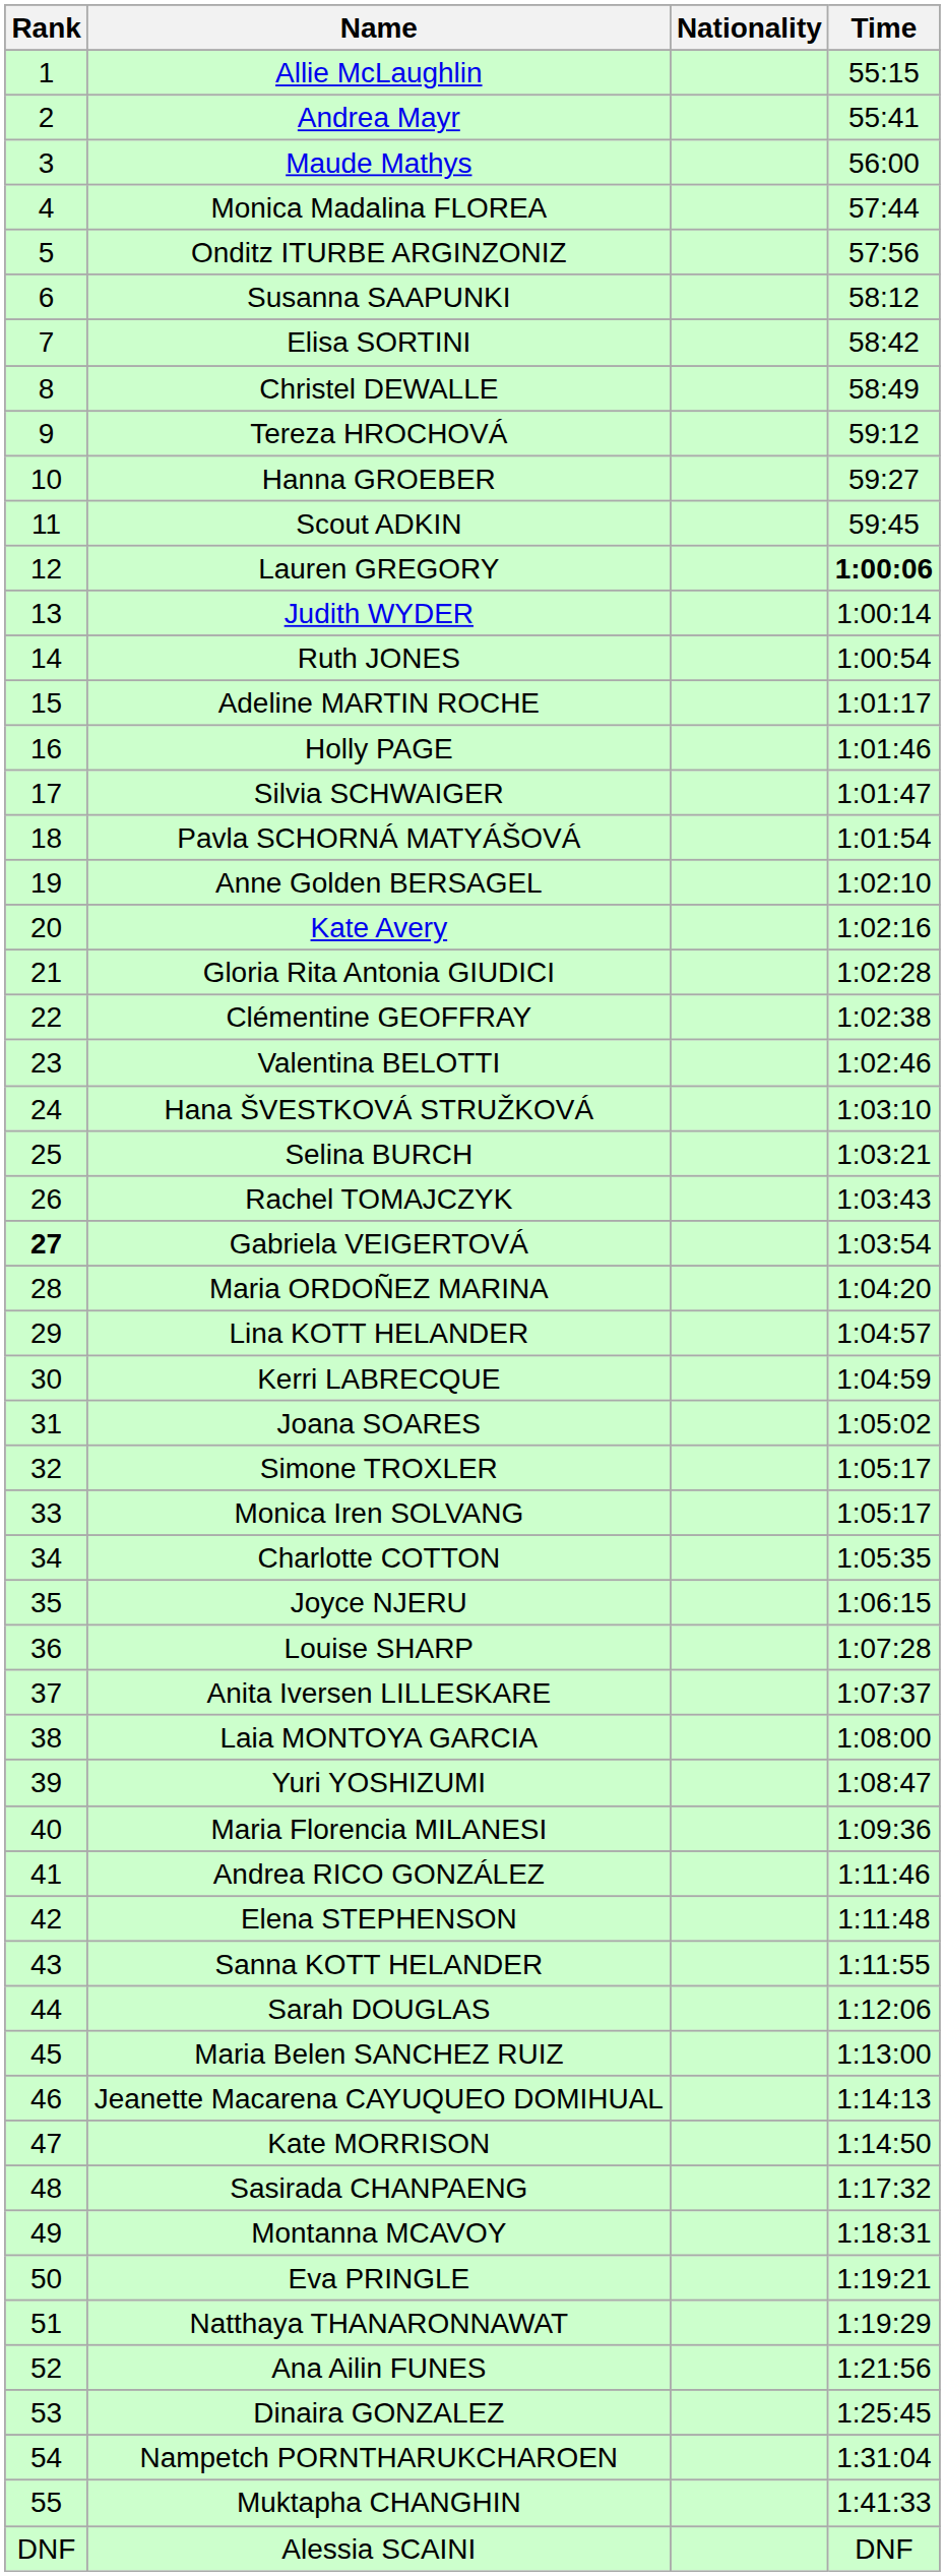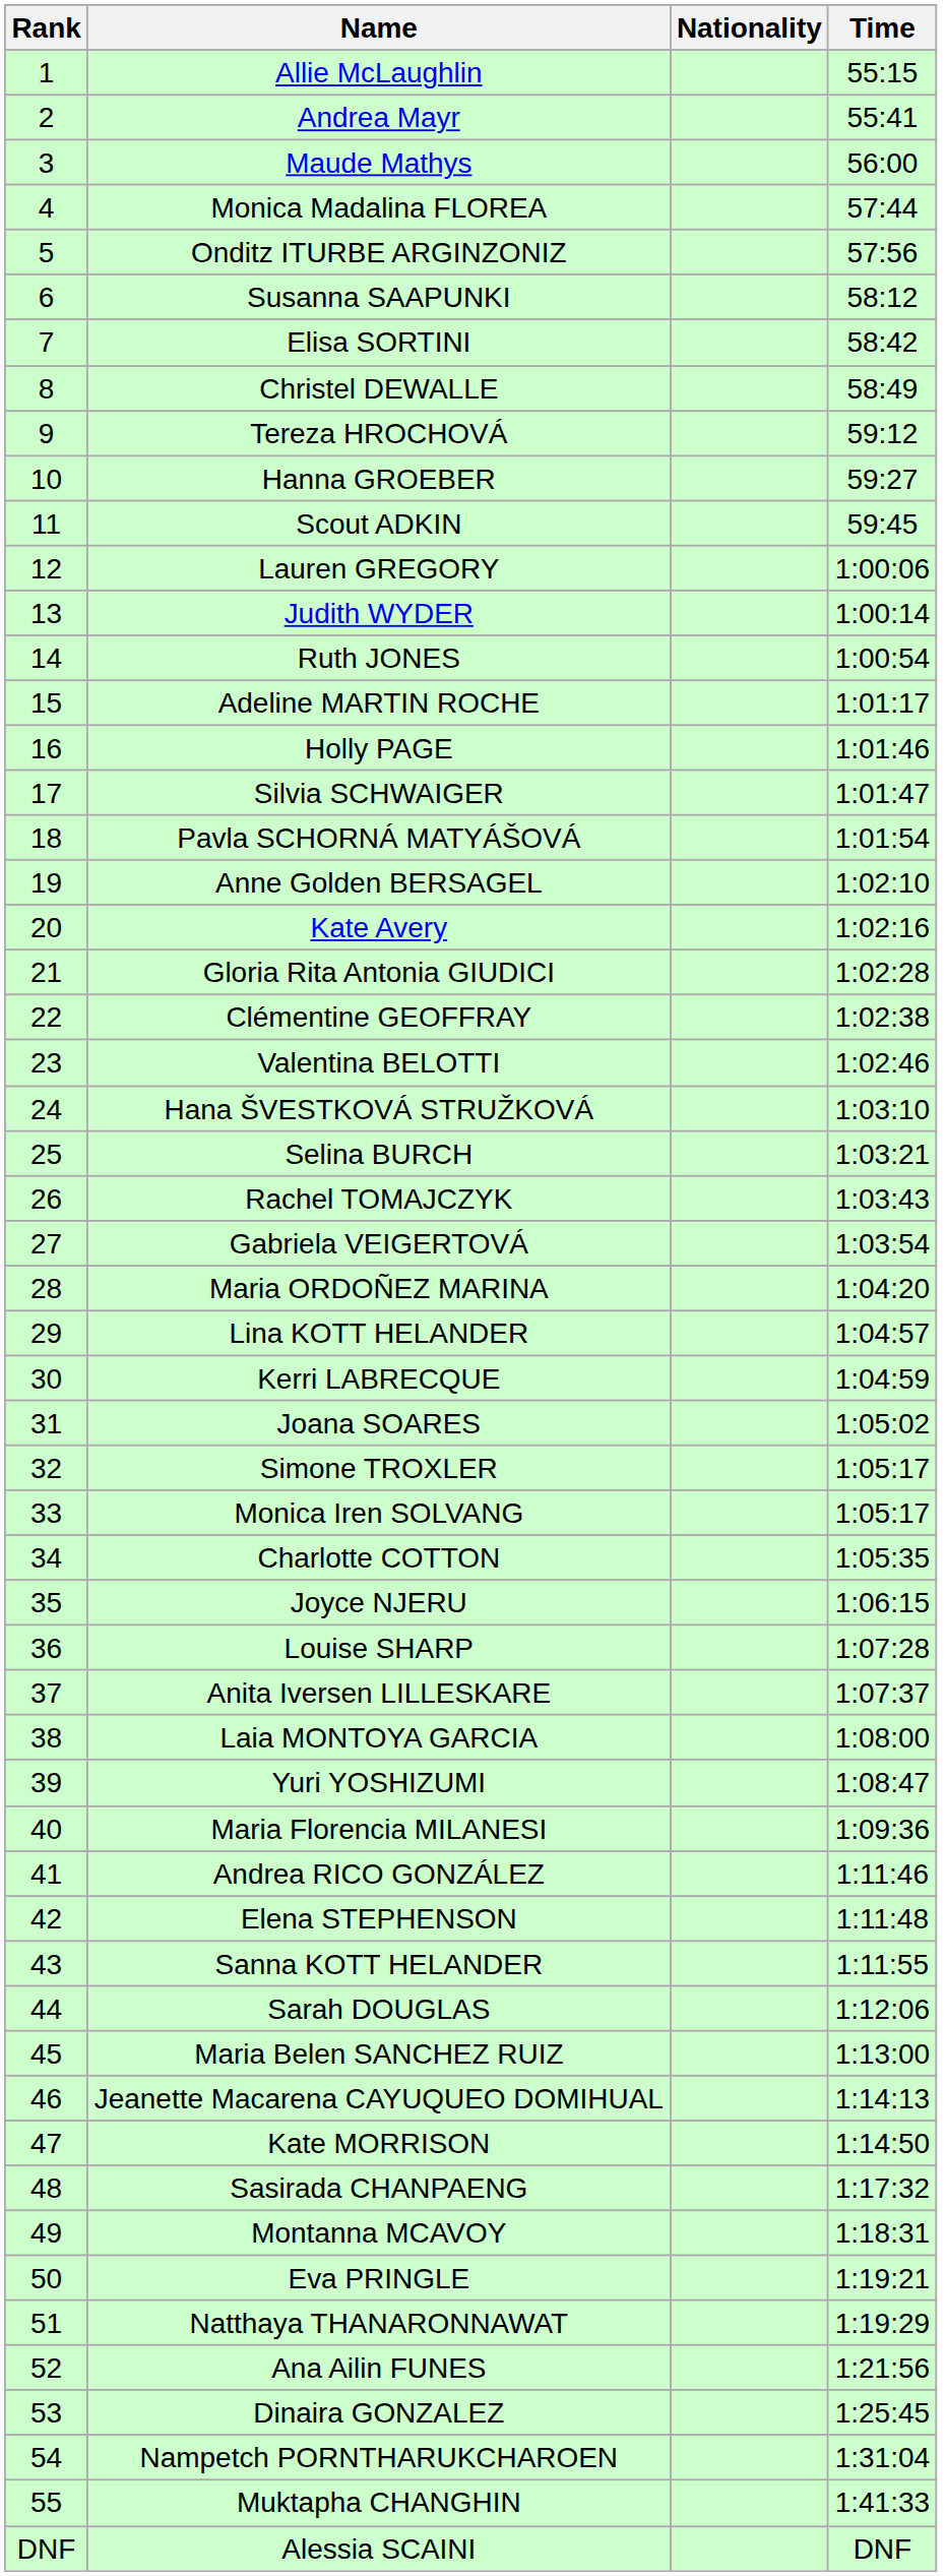 <table class="wikitable sortable" style="text-align:center;font-size:95%">
 <tr>
 <th>Rank</th>
 <th>Name</th>
 <th>Nationality</th>
 <th>Time</th>
 </tr>
 <tr bgcolor=ccffcc>
 <td>1</td>
 <td><a href='#'>Allie McLaughlin</a></td>
 <td></td>
 <td>55:15</td>
 </tr>
 <tr bgcolor=ccffcc>
 <td>2</td>
 <td><a href='#'>Andrea Mayr</a></td>
 <td></td>
 <td>55:41</td>
 </tr>
 <tr bgcolor=ccffcc>
 <td>3</td>
 <td><a href='#'>Maude Mathys</a></td>
 <td></td>
 <td>56:00</td>
 </tr>
 <tr bgcolor=ccffcc>
 <td>4</td>
 <td>Monica Madalina FLOREA</td>
 <td></td>
 <td>57:44</td>
 </tr>
 <tr bgcolor=ccffcc>
 <td>5</td>
 <td>Onditz ITURBE ARGINZONIZ</td>
 <td></td>
 <td>57:56</td>
 </tr>
 <tr bgcolor=ccffcc>
 <td>6</td>
 <td>Susanna SAAPUNKI</td>
 <td></td>
 <td>58:12</td>
 </tr>
 <tr bgcolor=ccffcc>
 <td>7</td>
 <td>Elisa SORTINI</td>
 <td></td>
 <td>58:42</td>
 </tr>
 <tr bgcolor=ccffcc>
 <td>8</td>
 <td>Christel DEWALLE</td>
 <td></td>
 <td>58:49</td>
 </tr>
 <tr bgcolor=ccffcc>
 <td>9</td>
 <td>Tereza HROCHOVÁ</td>
 <td></td>
 <td>59:12</td>
 </tr>
 <tr bgcolor=ccffcc>
 <td>10</td>
 <td>Hanna GROEBER</td>
 <td></td>
 <td>59:27</td>
 </tr>
 <tr bgcolor=ccffcc>
 <td>11</td>
 <td>Scout ADKIN</td>
 <td></td>
 <td>59:45</td>
 </tr>
 <tr bgcolor=ccffcc>
 <td>12</td>
 <td>Lauren GREGORY</td>
 <td></td>
-<td><strong>1:00:06</strong></td>
+<td>1:00:06</td>
 </tr>
 <tr bgcolor=ccffcc>
 <td>13</td>
 <td><a href='#'>Judith WYDER</a></td>
 <td></td>
 <td>1:00:14</td>
 </tr>
 <tr bgcolor=ccffcc>
 <td>14</td>
 <td>Ruth JONES</td>
 <td></td>
 <td>1:00:54</td>
 </tr>
 <tr bgcolor=ccffcc>
 <td>15</td>
 <td>Adeline MARTIN ROCHE</td>
 <td></td>
 <td>1:01:17</td>
 </tr>
 <tr bgcolor=ccffcc>
 <td>16</td>
 <td>Holly PAGE</td>
 <td></td>
 <td>1:01:46</td>
 </tr>
 <tr bgcolor=ccffcc>
 <td>17</td>
 <td>Silvia SCHWAIGER</td>
 <td></td>
 <td>1:01:47</td>
 </tr>
 <tr bgcolor=ccffcc>
 <td>18</td>
 <td>Pavla SCHORNÁ MATYÁŠOVÁ</td>
 <td></td>
 <td>1:01:54</td>
 </tr>
 <tr bgcolor=ccffcc>
 <td>19</td>
 <td>Anne Golden BERSAGEL</td>
 <td></td>
 <td>1:02:10</td>
 </tr>
 <tr bgcolor=ccffcc>
 <td>20</td>
 <td><a href='#'>Kate Avery</a></td>
 <td></td>
 <td>1:02:16</td>
 </tr>
 <tr bgcolor=ccffcc>
 <td>21</td>
 <td>Gloria Rita Antonia GIUDICI</td>
 <td></td>
 <td>1:02:28</td>
 </tr>
 <tr bgcolor=ccffcc>
 <td>22</td>
 <td>Clémentine GEOFFRAY</td>
 <td></td>
 <td>1:02:38</td>
 </tr>
 <tr bgcolor=ccffcc>
 <td>23</td>
 <td>Valentina BELOTTI</td>
 <td></td>
 <td>1:02:46</td>
 </tr>
 <tr bgcolor=ccffcc>
 <td>24</td>
 <td>Hana ŠVESTKOVÁ STRUŽKOVÁ</td>
 <td></td>
 <td>1:03:10</td>
 </tr>
 <tr bgcolor=ccffcc>
 <td>25</td>
 <td>Selina BURCH</td>
 <td></td>
 <td>1:03:21</td>
 </tr>
 <tr bgcolor=ccffcc>
 <td>26</td>
 <td>Rachel TOMAJCZYK</td>
 <td></td>
 <td>1:03:43</td>
 </tr>
 <tr bgcolor=ccffcc>
-<td><strong>27</strong></td>
+<td>27</td>
 <td>Gabriela VEIGERTOVÁ</td>
 <td></td>
 <td>1:03:54</td>
 </tr>
 <tr bgcolor=ccffcc>
 <td>28</td>
 <td>Maria ORDOÑEZ MARINA</td>
 <td></td>
 <td>1:04:20</td>
 </tr>
 <tr bgcolor=ccffcc>
 <td>29</td>
 <td>Lina KOTT HELANDER</td>
 <td></td>
 <td>1:04:57</td>
 </tr>
 <tr bgcolor=ccffcc>
 <td>30</td>
 <td>Kerri LABRECQUE</td>
 <td></td>
 <td>1:04:59</td>
 </tr>
 <tr bgcolor=ccffcc>
 <td>31</td>
 <td>Joana SOARES</td>
 <td></td>
 <td>1:05:02</td>
 </tr>
 <tr bgcolor=ccffcc>
 <td>32</td>
 <td>Simone TROXLER</td>
 <td></td>
 <td>1:05:17</td>
 </tr>
 <tr bgcolor=ccffcc>
 <td>33</td>
 <td>Monica Iren SOLVANG</td>
 <td></td>
 <td>1:05:17</td>
 </tr>
 <tr bgcolor=ccffcc>
 <td>34</td>
 <td>Charlotte COTTON</td>
 <td></td>
 <td>1:05:35</td>
 </tr>
 <tr bgcolor=ccffcc>
 <td>35</td>
 <td>Joyce NJERU</td>
 <td></td>
 <td>1:06:15</td>
 </tr>
 <tr bgcolor=ccffcc>
 <td>36</td>
 <td>Louise SHARP</td>
 <td></td>
 <td>1:07:28</td>
 </tr>
 <tr bgcolor=ccffcc>
 <td>37</td>
 <td>Anita Iversen LILLESKARE</td>
 <td></td>
 <td>1:07:37</td>
 </tr>
 <tr bgcolor=ccffcc>
 <td>38</td>
 <td>Laia MONTOYA GARCIA</td>
 <td></td>
 <td>1:08:00</td>
 </tr>
 <tr bgcolor=ccffcc>
 <td>39</td>
 <td>Yuri YOSHIZUMI</td>
 <td></td>
 <td>1:08:47</td>
 </tr>
 <tr bgcolor=ccffcc>
 <td>40</td>
 <td>Maria Florencia MILANESI</td>
 <td></td>
 <td>1:09:36</td>
 </tr>
 <tr bgcolor=ccffcc>
 <td>41</td>
 <td>Andrea RICO GONZÁLEZ</td>
 <td></td>
 <td>1:11:46</td>
 </tr>
 <tr bgcolor=ccffcc>
 <td>42</td>
 <td>Elena STEPHENSON</td>
 <td></td>
 <td>1:11:48</td>
 </tr>
 <tr bgcolor=ccffcc>
 <td>43</td>
 <td>Sanna KOTT HELANDER</td>
 <td></td>
 <td>1:11:55</td>
 </tr>
 <tr bgcolor=ccffcc>
 <td>44</td>
 <td>Sarah DOUGLAS</td>
 <td></td>
 <td>1:12:06</td>
 </tr>
 <tr bgcolor=ccffcc>
 <td>45</td>
 <td>Maria Belen SANCHEZ RUIZ</td>
 <td></td>
 <td>1:13:00</td>
 </tr>
 <tr bgcolor=ccffcc>
 <td>46</td>
 <td>Jeanette Macarena CAYUQUEO DOMIHUAL</td>
 <td></td>
 <td>1:14:13</td>
 </tr>
 <tr bgcolor=ccffcc>
 <td>47</td>
 <td>Kate MORRISON</td>
 <td></td>
 <td>1:14:50</td>
 </tr>
 <tr bgcolor=ccffcc>
 <td>48</td>
 <td>Sasirada CHANPAENG</td>
 <td></td>
 <td>1:17:32</td>
 </tr>
 <tr bgcolor=ccffcc>
 <td>49</td>
 <td>Montanna MCAVOY</td>
 <td></td>
 <td>1:18:31</td>
 </tr>
 <tr bgcolor=ccffcc>
 <td>50</td>
 <td>Eva PRINGLE</td>
 <td></td>
 <td>1:19:21</td>
 </tr>
 <tr bgcolor=ccffcc>
 <td>51</td>
 <td>Natthaya THANARONNAWAT</td>
 <td></td>
 <td>1:19:29</td>
 </tr>
 <tr bgcolor=ccffcc>
 <td>52</td>
 <td>Ana Ailin FUNES</td>
 <td></td>
 <td>1:21:56</td>
 </tr>
 <tr bgcolor=ccffcc>
 <td>53</td>
 <td>Dinaira GONZALEZ</td>
 <td></td>
 <td>1:25:45</td>
 </tr>
 <tr bgcolor=ccffcc>
 <td>54</td>
 <td>Nampetch PORNTHARUKCHAROEN</td>
 <td></td>
 <td>1:31:04</td>
 </tr>
 <tr bgcolor=ccffcc>
 <td>55</td>
 <td>Muktapha CHANGHIN</td>
 <td></td>
 <td>1:41:33</td>
 </tr>
 <tr bgcolor=ccffcc>
 <td>DNF</td>
 <td>Alessia SCAINI</td>
 <td></td>
 <td>DNF</td>
 </tr>
 </table>
